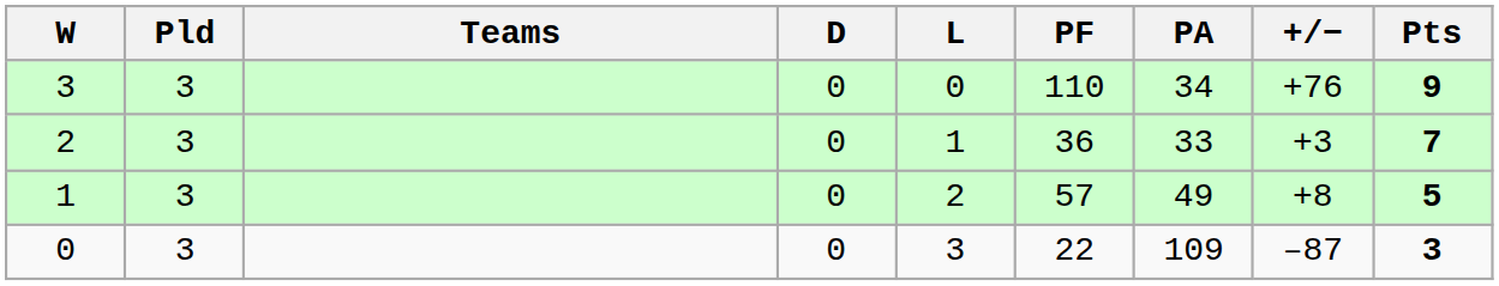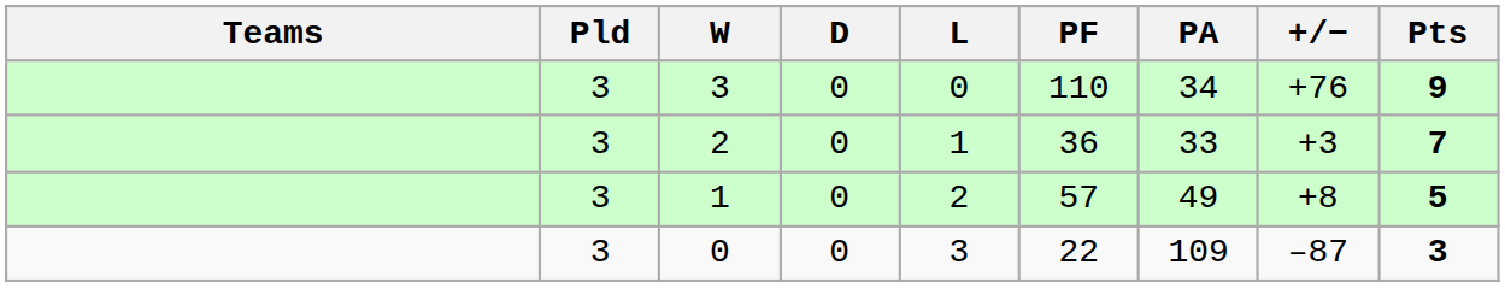 <table class="wikitable" style="text-align: center;">
 <tr>
+<th width="200">Teams</th>
+<th width="40">Pld</th>
 <th width="40">W</th>
-<th width="40">Pld</th>
-<th width="200">Teams</th>
 <th width="40">D</th>
 <th width="40">L</th>
 <th width="40">PF</th>
 <th width="40">PA</th>
 <th width="40">+/−</th>
 <th width="40">Pts</th>
 </tr>
 <tr bgcolor=#ccffcc>
+<td align=left></td>
 <td>3</td>
 <td>3</td>
-<td align=left></td>
 <td>0</td>
 <td>0</td>
 <td>110</td>
 <td>34</td>
 <td>+76</td>
 <td><strong>9</strong></td>
 </tr>
 <tr bgcolor=#ccffcc>
+<td align=left></td>
+<td>3</td>
 <td>2</td>
-<td>3</td>
-<td align=left></td>
 <td>0</td>
 <td>1</td>
 <td>36</td>
 <td>33</td>
 <td>+3</td>
 <td><strong>7</strong></td>
 </tr>
 <tr bgcolor=#ccffcc>
+<td align=left></td>
+<td>3</td>
 <td>1</td>
-<td>3</td>
-<td align=left></td>
 <td>0</td>
 <td>2</td>
 <td>57</td>
 <td>49</td>
 <td>+8</td>
 <td><strong>5</strong></td>
 </tr>
 <tr>
+<td align=left></td>
+<td>3</td>
 <td>0</td>
-<td>3</td>
-<td align=left></td>
 <td>0</td>
 <td>3</td>
 <td>22</td>
 <td>109</td>
 <td>–87</td>
 <td><strong>3</strong></td>
 </tr>
 </table>
